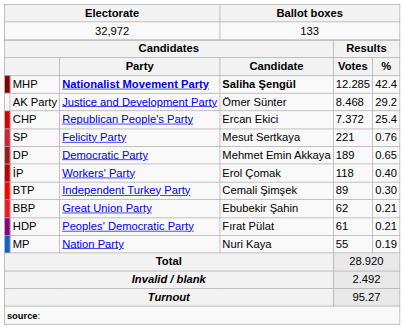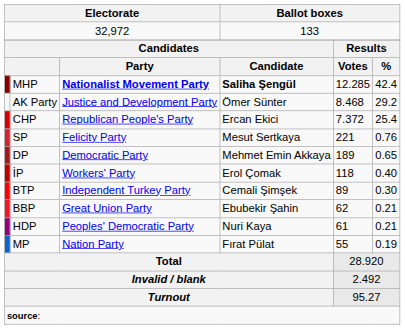 <table class="wikitable">
 <tr style="background-color:#F2F2F2">
 <td align="center" colspan="3"><strong>Electorate</strong></td>
 <td align="center" colspan="7"><strong>Ballot boxes</strong></td>
 </tr>
 <tr align="left">
 <td align="center" colspan="3">32,972</td>
 <td align="center" colspan="7">133</td>
 </tr>
 <tr>
 </tr>
 <tr style="background-color:#E9E9E9">
 </tr>
 <tr>
 <th align="center" colspan="4">Candidates</th>
 <th align="center" colspan="6">Results</th>
 </tr>
 <tr style="background-color:#E9E9E9">
 <th align="center" colspan="2"></th>
 <th align="center">Party</th>
 <th align="center">Candidate</th>
 <th align="center">Votes</th>
 <th align="center">%</th>
 </tr>
 <tr align="left">
 <td bgcolor="#870000" width=1></td>
 <td>MHP</td>
 <td><strong><a href='#'>Nationalist Movement Party</a></strong></td>
 <td><strong>Saliha Şengül</strong></td>
 <td>12.285</td>
 <td>42.4</td>
 </tr>
 <tr align="left">
 <td></td>
 <td>AK Party</td>
 <td><a href='#'>Justice and Development Party</a></td>
 <td>Ömer Sünter</td>
 <td>8.468</td>
 <td>29.2</td>
 </tr>
 <tr align="left">
 <td bgcolor="#d50000" width=1></td>
 <td>CHP</td>
 <td><a href='#'>Republican People's Party</a></td>
 <td>Ercan Ekici</td>
 <td>7.372</td>
 <td>25.4</td>
 </tr>
 <tr align="left">
 <td bgcolor="#D02433" width=1></td>
 <td>SP</td>
 <td><a href='#'>Felicity Party</a></td>
 <td>Mesut Sertkaya</td>
 <td>221</td>
 <td>0.76</td>
 </tr>
 <tr align="left">
 <td bgcolor="#9D1D1E" width=1></td>
 <td>DP</td>
 <td><a href='#'>Democratic Party</a></td>
 <td>Mehmet Emin Akkaya</td>
 <td>189</td>
 <td>0.65</td>
 </tr>
 <tr align="left">
 <td bgcolor="#BB0000" width=1></td>
 <td>İP</td>
 <td><a href='#'>Workers' Party</a></td>
 <td>Erol Çomak</td>
 <td>118</td>
 <td>0.40</td>
 </tr>
 <tr align="left">
 <td bgcolor="#FE0000" width=1></td>
 <td>BTP</td>
 <td><a href='#'>Independent Turkey Party</a></td>
 <td>Cemali Şimşek</td>
 <td>89</td>
 <td>0.30</td>
 </tr>
 <tr align="left">
 <td bgcolor="#ED1C24" width=1></td>
 <td>BBP</td>
 <td><a href='#'>Great Union Party</a></td>
 <td>Ebubekir Şahin</td>
 <td>62</td>
 <td>0.21</td>
 </tr>
 <tr align="left">
 <td bgcolor="#91007B" width=1></td>
 <td>HDP</td>
 <td><a href='#'>Peoples' Democratic Party</a></td>
-<td>Fırat Pülat</td>
+<td>Nuri Kaya</td>
 <td>61</td>
 <td>0.21</td>
 </tr>
 <tr align="left">
 <td bgcolor="#0C63CA" width=1></td>
 <td>MP</td>
 <td><a href='#'>Nation Party</a></td>
-<td>Nuri Kaya</td>
+<td>Fırat Pülat</td>
 <td>55</td>
 <td>0.19</td>
 </tr>
 <tr style="background-color:#E9E9E9" align="left">
 <th align="center" colspan="4"><strong>Total</strong></th>
 <td align="center" colspan="5">28.920</td>
 </tr>
 <tr style="background-color:#E9E9E9" align="left">
 <th align="center" colspan="4"><em>Invalid / blank</em></th>
 <td align="center" colspan="5">2.492</td>
 </tr>
 <tr style="background-color:#E9E9E9" align="left">
 <th align="center" colspan="4"><em>Turnout</em></th>
 <td align="center" colspan="5">95.27</td>
 </tr>
 <tr>
 <td align="left" colspan=10><small><strong>source</strong>: </small></td>
 </tr>
 </table>
